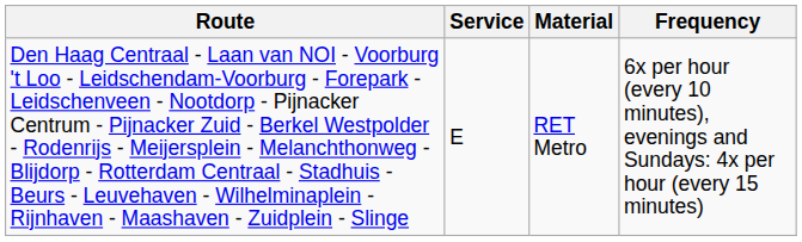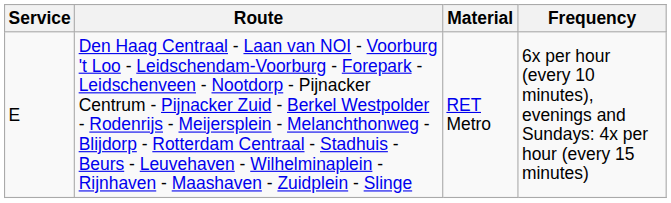 <table class="wikitable vatop">
 <tr>
+<th>Service</th>
 <th>Route</th>
-<th>Service</th>
 <th>Material</th>
 <th>Frequency</th>
 </tr>
 <tr>
+<td>E</td>
 <td><a href='#'>Den Haag Centraal</a> - <a href='#'>Laan van NOI</a> - <a href='#'>Voorburg 't Loo</a> - <a href='#'>Leidschendam-Voorburg</a> - <a href='#'>Forepark</a> - <a href='#'>Leidschenveen</a> - <a href='#'>Nootdorp</a> - Pijnacker Centrum - <a href='#'>Pijnacker Zuid</a> - <a href='#'>Berkel Westpolder</a> - <a href='#'>Rodenrijs</a> - <a href='#'>Meijersplein</a> - <a href='#'>Melanchthonweg</a> - <a href='#'>Blijdorp</a> - <a href='#'>Rotterdam Centraal</a> - <a href='#'>Stadhuis</a> - <a href='#'>Beurs</a> - <a href='#'>Leuvehaven</a> - <a href='#'>Wilhelminaplein</a> - <a href='#'>Rijnhaven</a> - <a href='#'>Maashaven</a> - <a href='#'>Zuidplein</a> - <a href='#'>Slinge</a></td>
-<td>E</td>
 <td><a href='#'>RET</a> Metro</td>
 <td>6x per hour (every 10 minutes), evenings and Sundays: 4x per hour (every 15 minutes)</td>
 </tr>
 </table>
